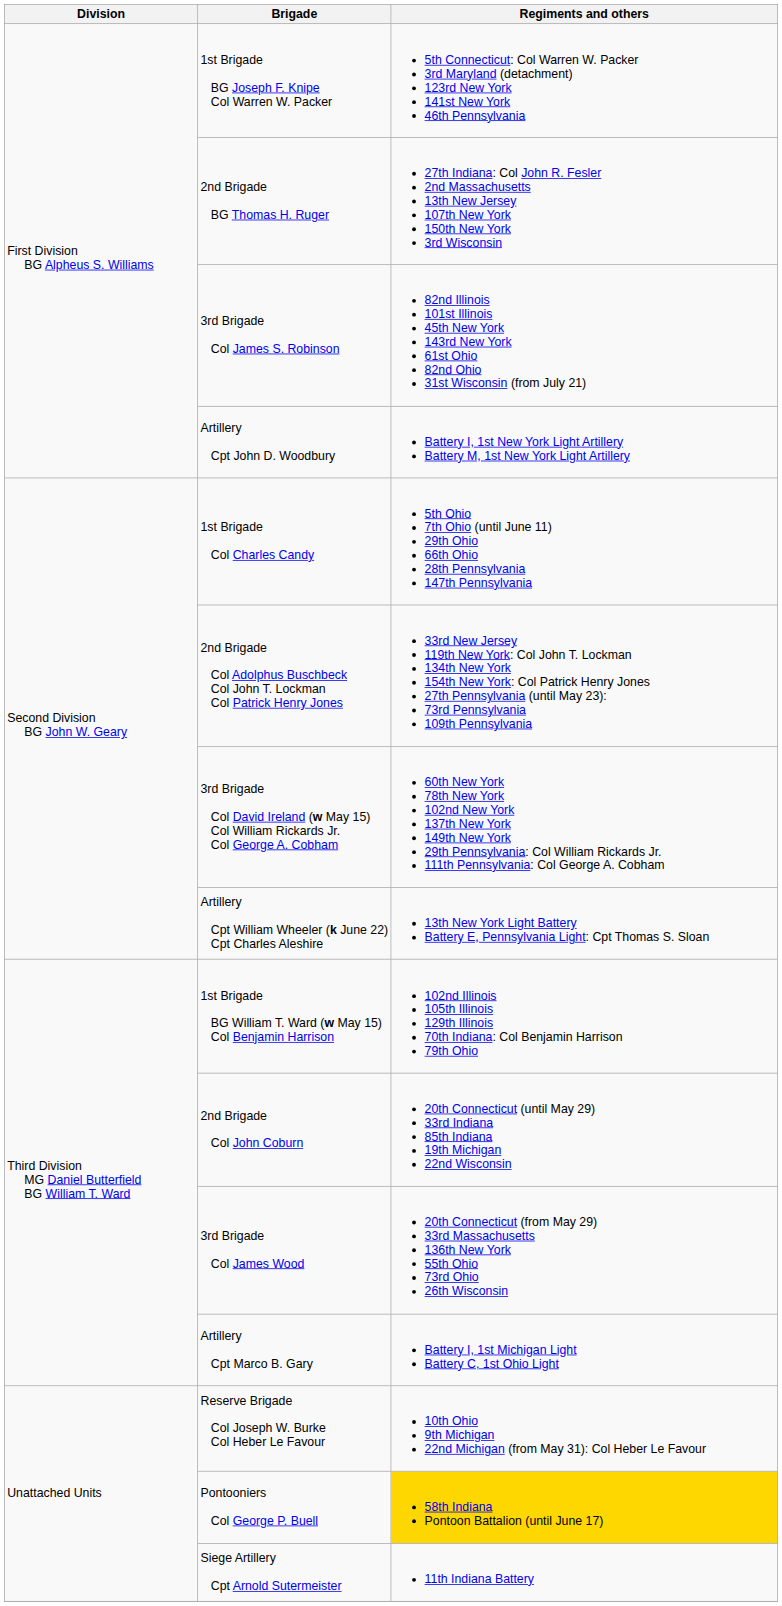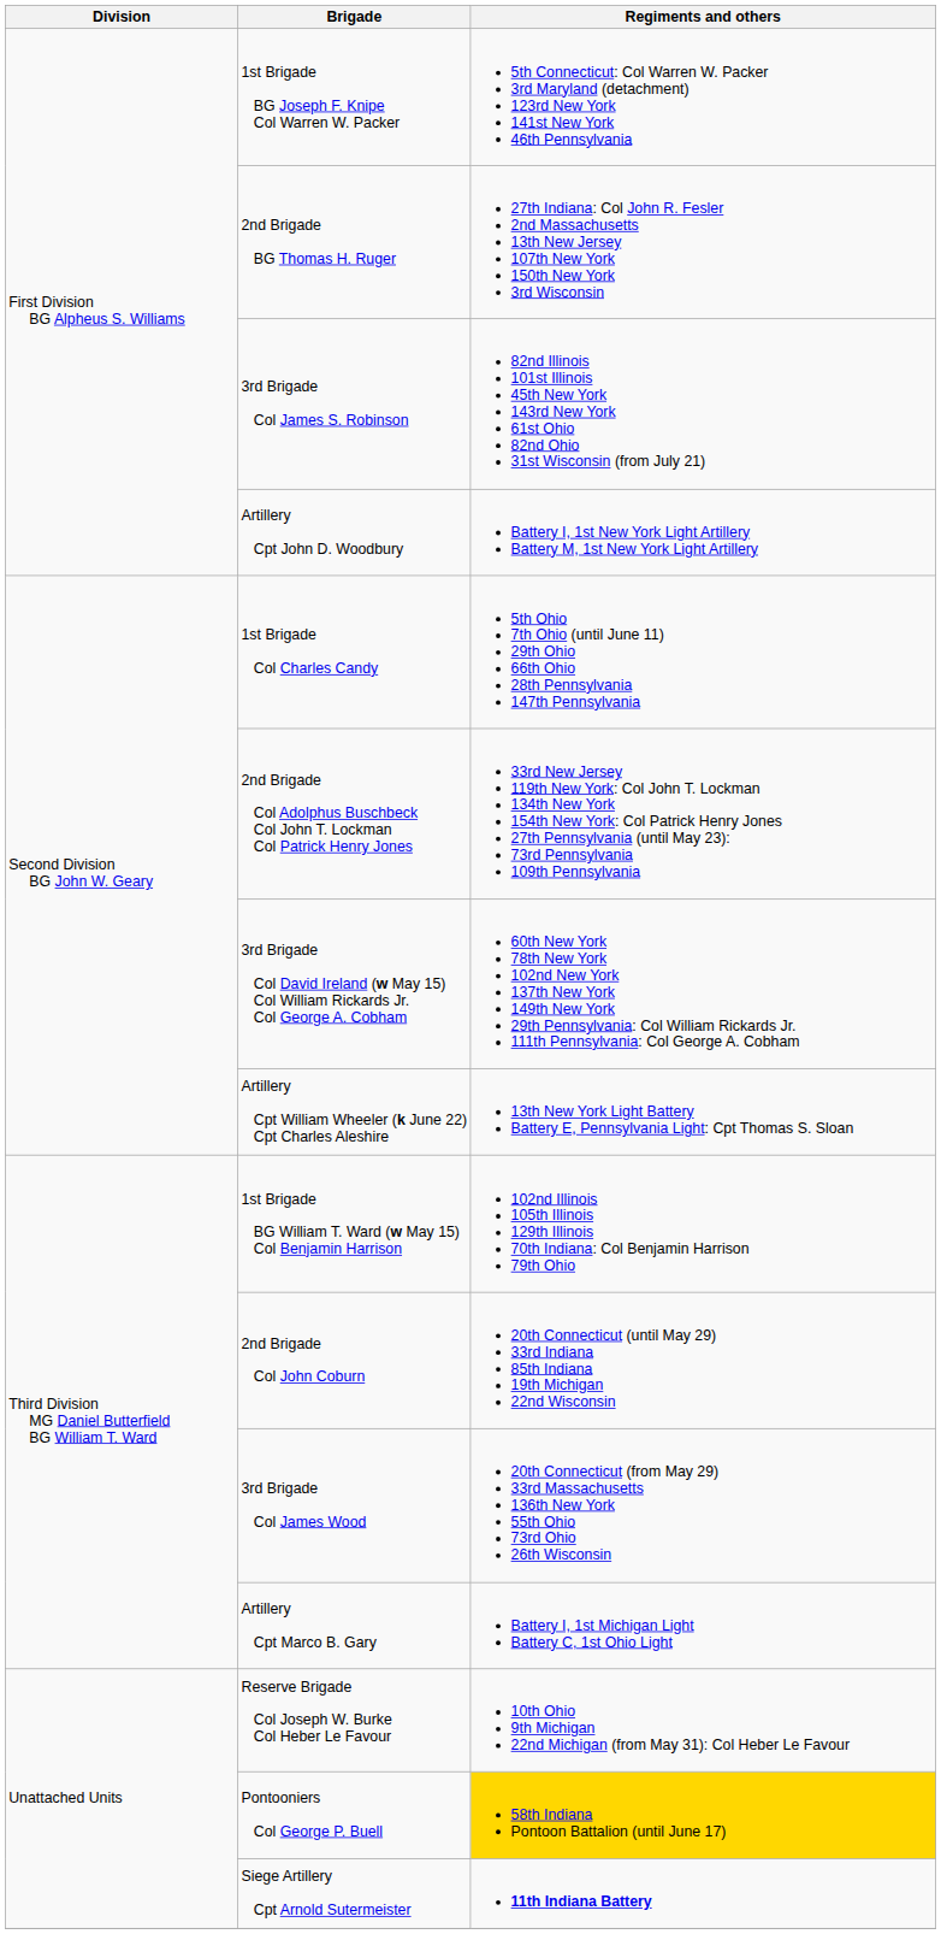 <table class="wikitable">
 <tr>
 <th width=25%>Division</th>
 <th width=25%>Brigade</th>
 <th>Regiments and others</th>
 </tr>
 <tr>
 <td rowspan=4><br>First Division <br>     BG <a href='#'>Alpheus S. Williams</a><br></td>
 <td>1st Brigade<br><br>   BG <a href='#'>Joseph F. Knipe</a><br>   Col Warren W. Packer</td>
 <td><br><ul><li><a href='#'>5th Connecticut</a>: Col Warren W. Packer</li><li><a href='#'>3rd Maryland</a> (detachment)</li><li><a href='#'>123rd New York</a></li><li><a href='#'>141st New York</a></li><li><a href='#'>46th Pennsylvania</a></li></ul></td>
 </tr>
 <tr>
 <td>2nd Brigade<br><br>   BG <a href='#'>Thomas H. Ruger</a></td>
 <td><br><ul><li><a href='#'>27th Indiana</a>: Col <a href='#'>John R. Fesler</a></li><li><a href='#'>2nd Massachusetts</a></li><li><a href='#'>13th New Jersey</a></li><li><a href='#'>107th New York</a></li><li><a href='#'>150th New York</a></li><li><a href='#'>3rd Wisconsin</a></li></ul></td>
 </tr>
 <tr>
 <td>3rd Brigade<br><br>   Col <a href='#'>James S. Robinson</a></td>
 <td><br><ul><li><a href='#'>82nd Illinois</a></li><li><a href='#'>101st Illinois</a></li><li><a href='#'>45th New York</a></li><li><a href='#'>143rd New York</a></li><li><a href='#'>61st Ohio</a></li><li><a href='#'>82nd Ohio</a></li><li><a href='#'>31st Wisconsin</a> (from July 21)</li></ul></td>
 </tr>
 <tr>
 <td>Artillery<br><br>   Cpt John D. Woodbury</td>
 <td><br><ul><li><a href='#'>Battery I, 1st New York Light Artillery</a></li><li><a href='#'>Battery M, 1st New York Light Artillery</a></li></ul></td>
 </tr>
 <tr>
 <td rowspan=4><br>Second Division <br>     BG <a href='#'>John W. Geary</a><br></td>
 <td>1st Brigade<br><br>   Col <a href='#'>Charles Candy</a></td>
 <td><br><ul><li><a href='#'>5th Ohio</a></li><li><a href='#'>7th Ohio</a> (until June 11)</li><li><a href='#'>29th Ohio</a></li><li><a href='#'>66th Ohio</a></li><li><a href='#'>28th Pennsylvania</a></li><li><a href='#'>147th Pennsylvania</a></li></ul></td>
 </tr>
 <tr>
 <td>2nd Brigade<br><br>   Col <a href='#'>Adolphus Buschbeck</a><br>   Col John T. Lockman<br>   Col <a href='#'>Patrick Henry Jones</a></td>
 <td><br><ul><li><a href='#'>33rd New Jersey</a></li><li><a href='#'>119th New York</a>: Col John T. Lockman</li><li><a href='#'>134th New York</a></li><li><a href='#'>154th New York</a>: Col Patrick Henry Jones</li><li><a href='#'>27th Pennsylvania</a> (until May 23):</li><li><a href='#'>73rd Pennsylvania</a></li><li><a href='#'>109th Pennsylvania</a></li></ul></td>
 </tr>
 <tr>
 <td>3rd Brigade<br><br>   Col <a href='#'>David Ireland</a> (<strong>w</strong> May 15)<br>   Col William Rickards Jr.<br>   Col <a href='#'>George A. Cobham</a></td>
 <td><br><ul><li><a href='#'>60th New York</a></li><li><a href='#'>78th New York</a></li><li><a href='#'>102nd New York</a></li><li><a href='#'>137th New York</a></li><li><a href='#'>149th New York</a></li><li><a href='#'>29th Pennsylvania</a>: Col William Rickards Jr.</li><li><a href='#'>111th Pennsylvania</a>: Col George A. Cobham</li></ul></td>
 </tr>
 <tr>
 <td>Artillery<br><br>   Cpt William Wheeler (<strong>k</strong> June 22)<br>   Cpt Charles Aleshire</td>
 <td><br><ul><li><a href='#'>13th New York Light Battery</a></li><li><a href='#'>Battery E, Pennsylvania Light</a>: Cpt Thomas S. Sloan</li></ul></td>
 </tr>
 <tr>
 <td rowspan=4><br>Third Division <br>     MG <a href='#'>Daniel Butterfield</a><br>     BG <a href='#'>William T. Ward</a></td>
 <td>1st Brigade<br><br>   BG William T. Ward (<strong>w</strong> May 15)<br>   Col <a href='#'>Benjamin Harrison</a></td>
 <td><br><ul><li><a href='#'>102nd Illinois</a></li><li><a href='#'>105th Illinois</a></li><li><a href='#'>129th Illinois</a></li><li><a href='#'>70th Indiana</a>: Col Benjamin Harrison</li><li><a href='#'>79th Ohio</a></li></ul></td>
 </tr>
 <tr>
 <td>2nd Brigade<br><br>   Col <a href='#'>John Coburn</a></td>
 <td><br><ul><li><a href='#'>20th Connecticut</a> (until May 29)</li><li><a href='#'>33rd Indiana</a></li><li><a href='#'>85th Indiana</a></li><li><a href='#'>19th Michigan</a></li><li><a href='#'>22nd Wisconsin</a></li></ul></td>
 </tr>
 <tr>
 <td>3rd Brigade<br><br>   Col <a href='#'>James Wood</a></td>
 <td><br><ul><li><a href='#'>20th Connecticut</a> (from May 29)</li><li><a href='#'>33rd Massachusetts</a></li><li><a href='#'>136th New York</a></li><li><a href='#'>55th Ohio</a></li><li><a href='#'>73rd Ohio</a></li><li><a href='#'>26th Wisconsin</a></li></ul></td>
 </tr>
 <tr>
 <td>Artillery<br><br>   Cpt Marco B. Gary</td>
 <td><br><ul><li><a href='#'>Battery I, 1st Michigan Light</a></li><li><a href='#'>Battery C, 1st Ohio Light</a></li></ul></td>
 </tr>
 <tr>
 <td rowspan=3><br>Unattached Units <br>    </td>
 <td>Reserve Brigade<br><br>   Col Joseph W. Burke<br>   Col Heber Le Favour<br>  </td>
 <td><br><ul><li><a href='#'>10th Ohio</a></li><li><a href='#'>9th Michigan</a></li><li><a href='#'>22nd Michigan</a> (from May 31): Col Heber Le Favour</li></ul></td>
 </tr>
 <tr>
 <td>Pontooniers<br><br>   Col <a href='#'>George P. Buell</a></td>
 <td style="background: gold;"><br><ul><li><a href='#'>58th Indiana</a></li><li>Pontoon Battalion (until June 17)</li></ul></td>
 </tr>
 <tr>
 <td>Siege Artillery<br><br>   Cpt <a href='#'>Arnold Sutermeister</a></td>
-<td><br><ul><li><a href='#'>11th Indiana Battery</a></li></ul></td>
+<td><strong><br><ul><li><a href='#'>11th Indiana Battery</a></li></ul></strong></td>
 </tr>
 <tr>
 </tr>
 </table>
